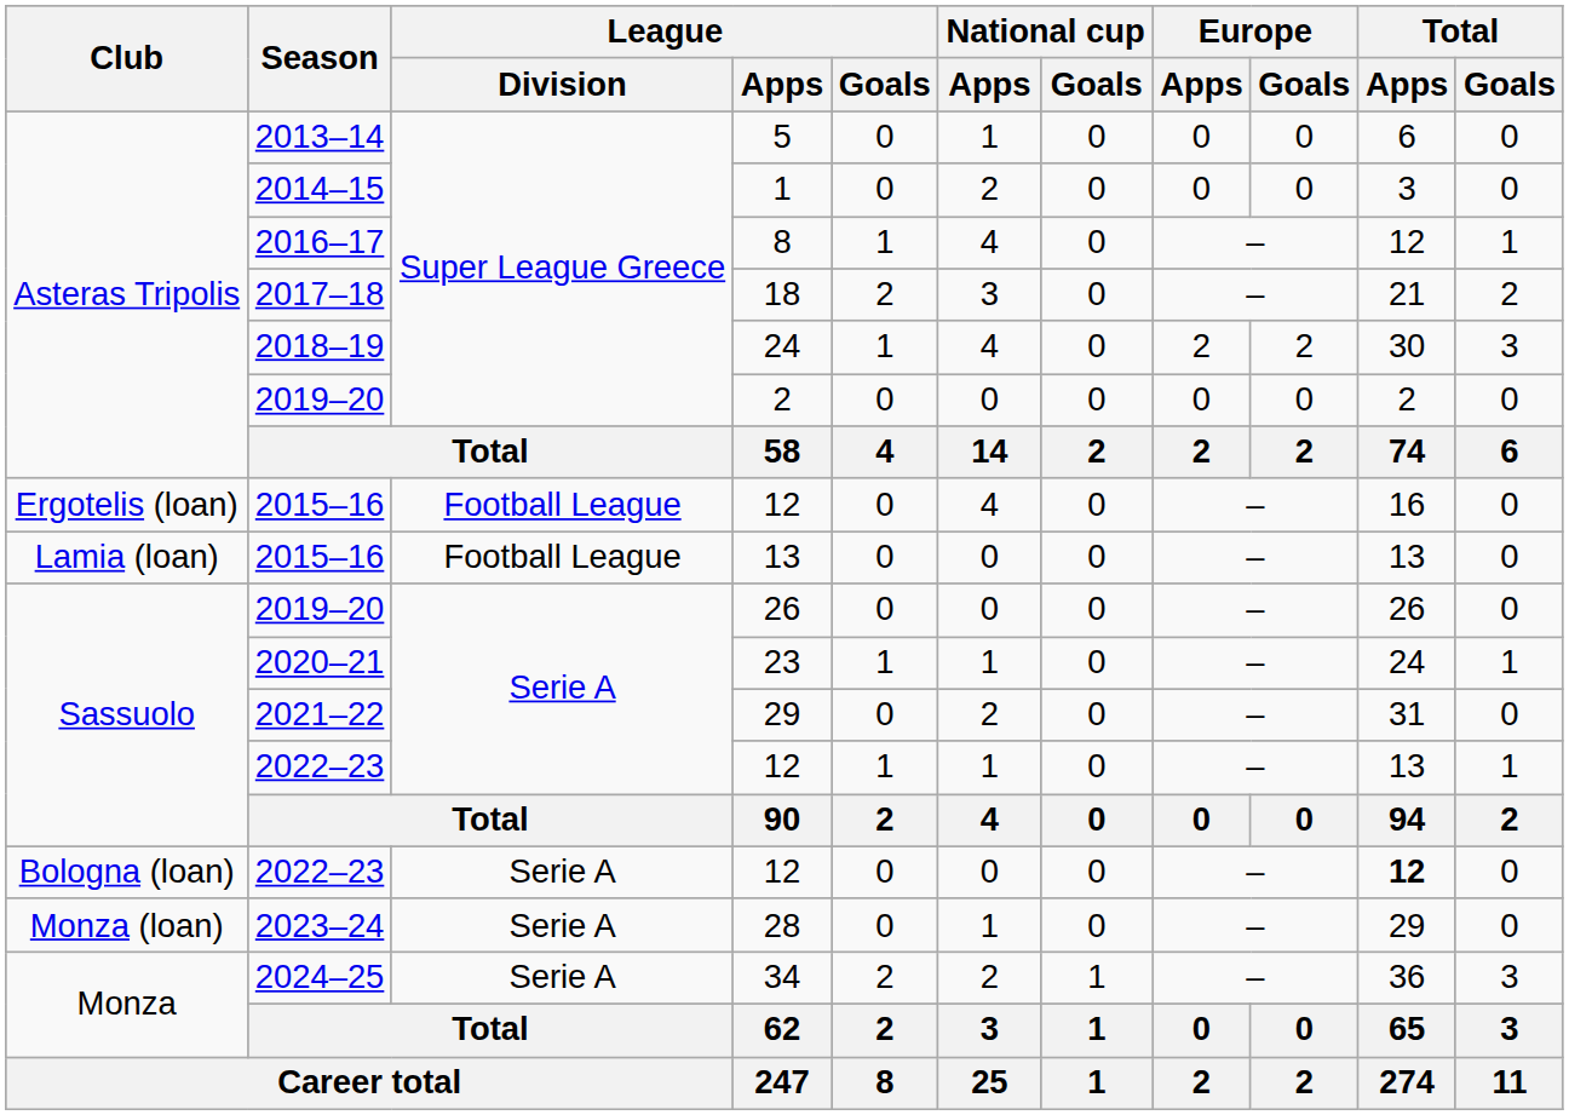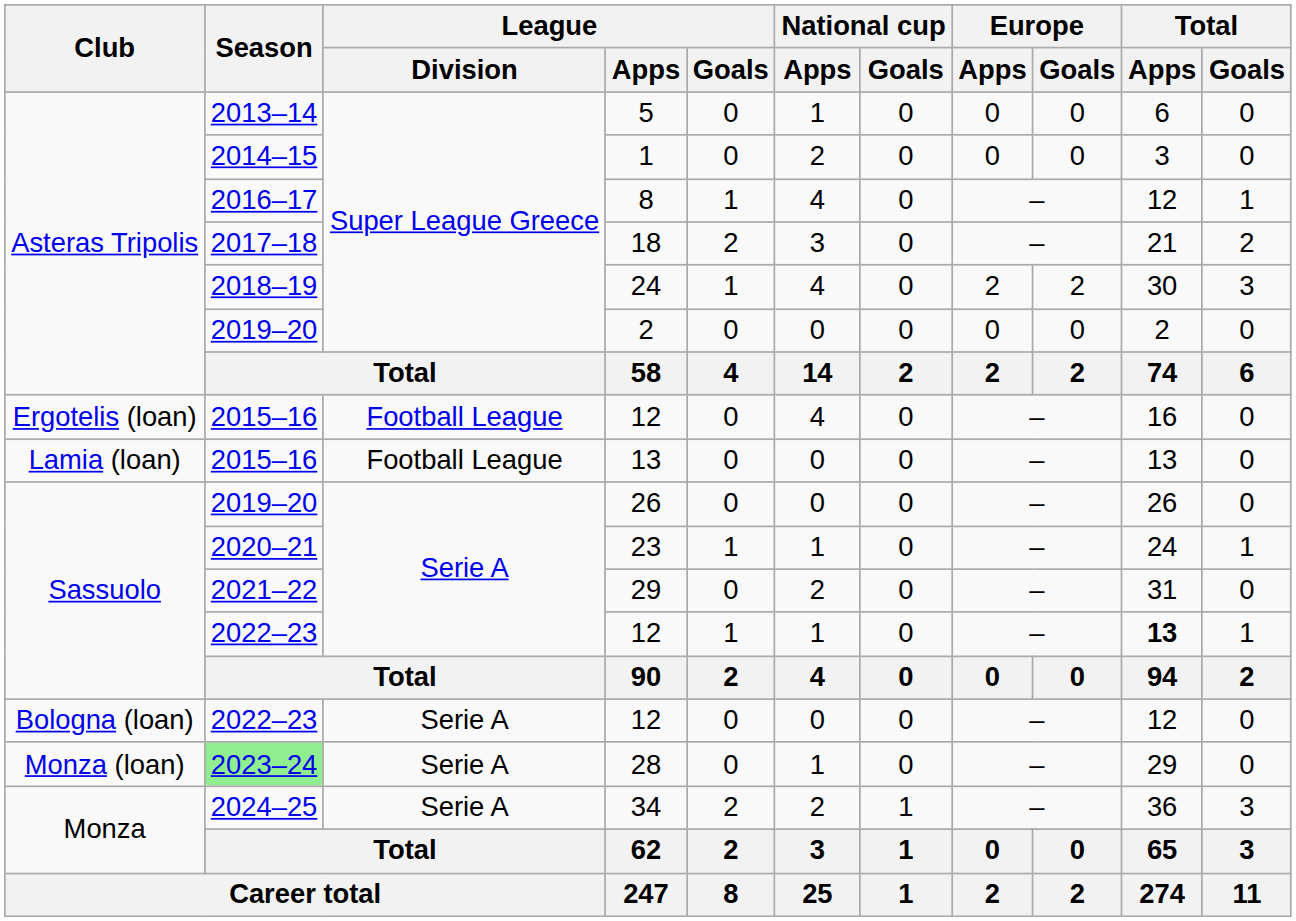 <table class="wikitable" style="text-align:center">
 <tr>
 <th rowspan="2">Club</th>
 <th rowspan="2">Season</th>
 <th colspan="3">League</th>
 <th colspan="2">National cup</th>
 <th colspan="2">Europe</th>
 <th colspan="2">Total</th>
 </tr>
 <tr>
 <th>Division</th>
 <th>Apps</th>
 <th>Goals</th>
 <th>Apps</th>
 <th>Goals</th>
 <th>Apps</th>
 <th>Goals</th>
 <th>Apps</th>
 <th>Goals</th>
 </tr>
 <tr>
 <td rowspan="7"><a href='#'>Asteras Tripolis</a></td>
 <td><a href='#'>2013–14</a></td>
 <td rowspan="6"><a href='#'>Super League Greece</a></td>
 <td>5</td>
 <td>0</td>
 <td>1</td>
 <td>0</td>
 <td>0</td>
 <td>0</td>
 <td>6</td>
 <td>0</td>
 </tr>
 <tr>
 <td><a href='#'>2014–15</a></td>
 <td>1</td>
 <td>0</td>
 <td>2</td>
 <td>0</td>
 <td>0</td>
 <td>0</td>
 <td>3</td>
 <td>0</td>
 </tr>
 <tr>
 <td><a href='#'>2016–17</a></td>
 <td>8</td>
 <td>1</td>
 <td>4</td>
 <td>0</td>
 <td colspan="2">–</td>
 <td>12</td>
 <td>1</td>
 </tr>
 <tr>
 <td><a href='#'>2017–18</a></td>
 <td>18</td>
 <td>2</td>
 <td>3</td>
 <td>0</td>
 <td colspan="2">–</td>
 <td>21</td>
 <td>2</td>
 </tr>
 <tr>
 <td><a href='#'>2018–19</a></td>
 <td>24</td>
 <td>1</td>
 <td>4</td>
 <td>0</td>
 <td>2</td>
 <td>2</td>
 <td>30</td>
 <td>3</td>
 </tr>
 <tr>
 <td><a href='#'>2019–20</a></td>
 <td>2</td>
 <td>0</td>
 <td>0</td>
 <td>0</td>
 <td>0</td>
 <td>0</td>
 <td>2</td>
 <td>0</td>
 </tr>
 <tr>
 <th colspan="2">Total</th>
 <th>58</th>
 <th>4</th>
 <th>14</th>
 <th>2</th>
 <th>2</th>
 <th>2</th>
 <th>74</th>
 <th>6</th>
 </tr>
 <tr>
 <td><a href='#'>Ergotelis</a> (loan)</td>
 <td><a href='#'>2015–16</a></td>
 <td><a href='#'>Football League</a></td>
 <td>12</td>
 <td>0</td>
 <td>4</td>
 <td>0</td>
 <td colspan="2">–</td>
 <td>16</td>
 <td>0</td>
 </tr>
 <tr>
 <td><a href='#'>Lamia</a> (loan)</td>
 <td><a href='#'>2015–16</a></td>
 <td>Football League</td>
 <td>13</td>
 <td>0</td>
 <td>0</td>
 <td>0</td>
 <td colspan="2">–</td>
 <td>13</td>
 <td>0</td>
 </tr>
 <tr>
 <td rowspan="5"><a href='#'>Sassuolo</a></td>
 <td><a href='#'>2019–20</a></td>
 <td rowspan="4"><a href='#'>Serie A</a></td>
 <td>26</td>
 <td>0</td>
 <td>0</td>
 <td>0</td>
 <td colspan="2">–</td>
 <td>26</td>
 <td>0</td>
 </tr>
 <tr>
 <td><a href='#'>2020–21</a></td>
 <td>23</td>
 <td>1</td>
 <td>1</td>
 <td>0</td>
 <td colspan="2">–</td>
 <td>24</td>
 <td>1</td>
 </tr>
 <tr>
 <td><a href='#'>2021–22</a></td>
 <td>29</td>
 <td>0</td>
 <td>2</td>
 <td>0</td>
 <td colspan="2">–</td>
 <td>31</td>
 <td>0</td>
 </tr>
 <tr>
 <td><a href='#'>2022–23</a></td>
 <td>12</td>
 <td>1</td>
 <td>1</td>
 <td>0</td>
 <td colspan="2">–</td>
-<td>13</td>
+<td><strong>13</strong></td>
 <td>1</td>
 </tr>
 <tr>
 <th colspan="2">Total</th>
 <th>90</th>
 <th>2</th>
 <th>4</th>
 <th>0</th>
 <th>0</th>
 <th>0</th>
 <th>94</th>
 <th>2</th>
 </tr>
 <tr>
 <td><a href='#'>Bologna</a> (loan)</td>
 <td><a href='#'>2022–23</a></td>
 <td>Serie A</td>
 <td>12</td>
 <td>0</td>
 <td>0</td>
 <td>0</td>
 <td colspan="2">–</td>
-<td><strong>12</strong></td>
+<td>12</td>
 <td>0</td>
 </tr>
 <tr>
 <td><a href='#'>Monza</a> (loan)</td>
-<td><a href='#'>2023–24</a></td>
+<td style="background: lightgreen;"><a href='#'>2023–24</a></td>
 <td>Serie A</td>
 <td>28</td>
 <td>0</td>
 <td>1</td>
 <td>0</td>
 <td colspan="2">–</td>
 <td>29</td>
 <td>0</td>
 </tr>
 <tr>
 <td rowspan="2">Monza</td>
 <td><a href='#'>2024–25</a></td>
 <td>Serie A</td>
 <td>34</td>
 <td>2</td>
 <td>2</td>
 <td>1</td>
 <td colspan="2">–</td>
 <td>36</td>
 <td>3</td>
 </tr>
 <tr>
 <th colspan="2">Total</th>
 <th>62</th>
 <th>2</th>
 <th>3</th>
 <th>1</th>
 <th>0</th>
 <th>0</th>
 <th>65</th>
 <th>3</th>
 </tr>
 <tr>
 <th colspan="3">Career total</th>
 <th>247</th>
 <th>8</th>
 <th>25</th>
 <th>1</th>
 <th>2</th>
 <th>2</th>
 <th>274</th>
 <th>11</th>
 </tr>
 </table>
